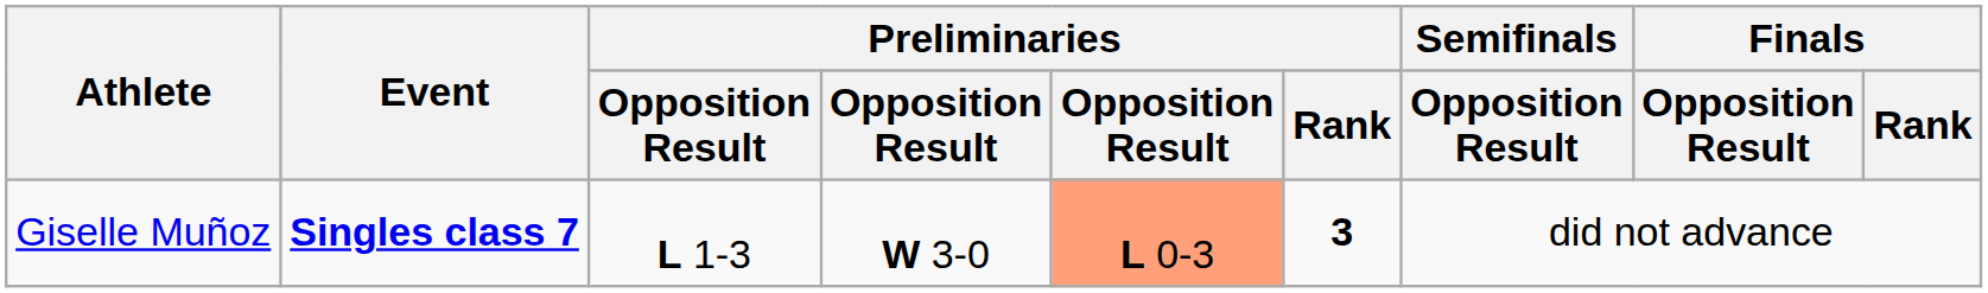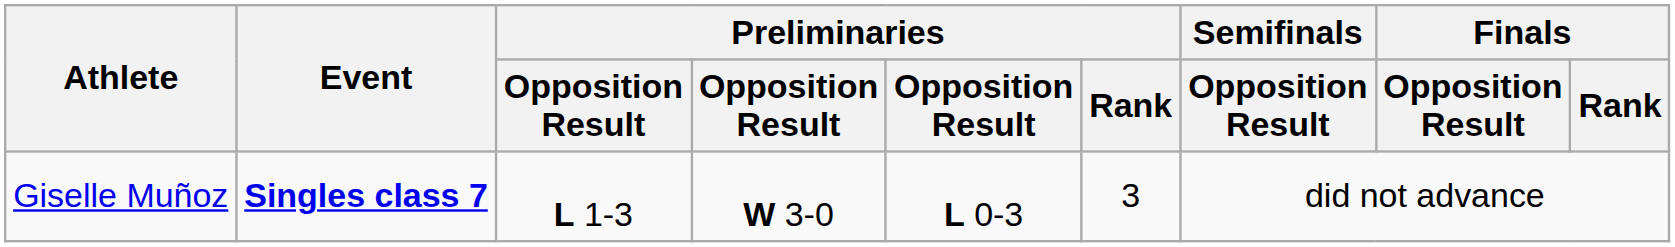 <table class=wikitable style="font-size:90%">
 <tr>
 <th rowspan="2">Athlete</th>
 <th rowspan="2">Event</th>
 <th colspan="4">Preliminaries</th>
 <th>Semifinals</th>
 <th colspan="2">Finals</th>
 </tr>
 <tr>
 <th>Opposition<br>Result</th>
 <th>Opposition<br>Result</th>
 <th>Opposition<br>Result</th>
 <th>Rank</th>
 <th>Opposition<br>Result</th>
 <th>Opposition<br>Result</th>
 <th>Rank</th>
 </tr>
 <tr>
 <td><a href='#'>Giselle Muñoz</a></td>
 <td><strong><a href='#'>Singles class 7</a></strong></td>
 <td align="center"><br> <strong>L</strong> 1-3</td>
 <td align="center"><br> <strong>W</strong> 3-0</td>
-<td align="center" style="background: lightsalmon;"><br> <strong>L</strong> 0-3</td>
-<td align="center"><strong>3</strong></td>
+<td align="center"><br> <strong>L</strong> 0-3</td>
+<td align="center">3</td>
 <td align="center" colspan=3>did not advance</td>
 </tr>
 </table>
